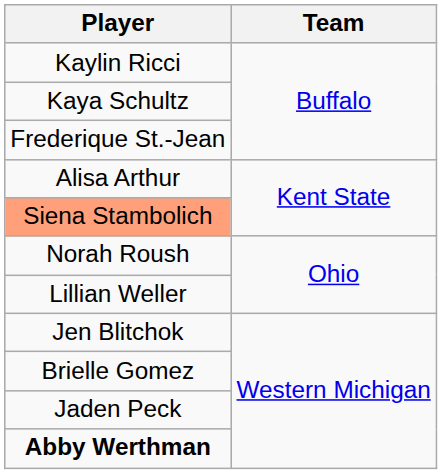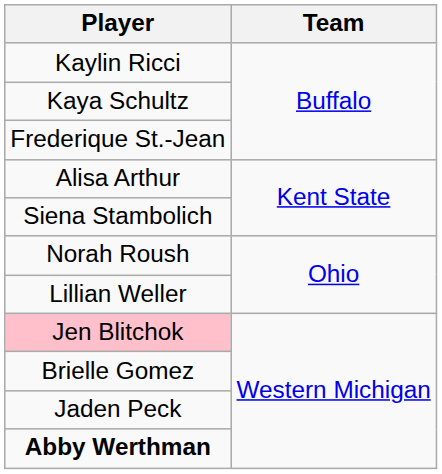 <table class="wikitable" style="text-align: center;">
 <tr>
 <th>Player</th>
 <th>Team</th>
 </tr>
 <tr>
 <td>Kaylin Ricci</td>
 <td rowspan=3><a href='#'>Buffalo</a></td>
 </tr>
 <tr>
 <td>Kaya Schultz</td>
 </tr>
 <tr>
 <td>Frederique St.-Jean</td>
 </tr>
 <tr>
 <td>Alisa Arthur</td>
 <td rowspan=2><a href='#'>Kent State</a></td>
 </tr>
 <tr>
-<td style="background: lightsalmon;">Siena Stambolich</td>
+<td>Siena Stambolich</td>
 </tr>
 <tr>
 <td>Norah Roush</td>
 <td rowspan=2><a href='#'>Ohio</a></td>
 </tr>
 <tr>
 <td>Lillian Weller</td>
 </tr>
 <tr>
-<td>Jen Blitchok</td>
+<td style="background: pink;">Jen Blitchok</td>
 <td rowspan=4><a href='#'>Western Michigan</a></td>
 </tr>
 <tr>
 <td>Brielle Gomez</td>
 </tr>
 <tr>
 <td>Jaden Peck</td>
 </tr>
 <tr>
 <td><strong>Abby Werthman</strong></td>
 </tr>
 </table>
